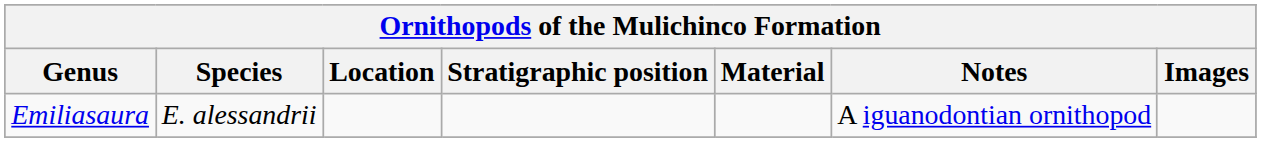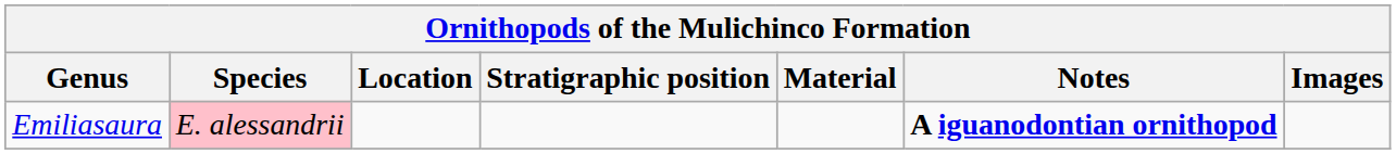 <table class="wikitable" align="center">
 <tr>
 <th colspan="7" align="center"><a href='#'>Ornithopods</a> of the Mulichinco Formation</th>
 </tr>
 <tr>
 <th>Genus</th>
 <th>Species</th>
 <th>Location</th>
 <th>Stratigraphic position</th>
 <th>Material</th>
 <th>Notes</th>
 <th>Images</th>
 </tr>
 <tr>
 <td><em><a href='#'>Emiliasaura</a></em></td>
-<td><em>E. alessandrii</em></td>
+<td style="background: pink;"><em>E. alessandrii</em></td>
 <td></td>
 <td></td>
 <td></td>
-<td>A <a href='#'>iguanodontian ornithopod</a></td>
+<td><strong>A <a href='#'>iguanodontian ornithopod</a></strong></td>
 <td></td>
 </tr>
 </table>
